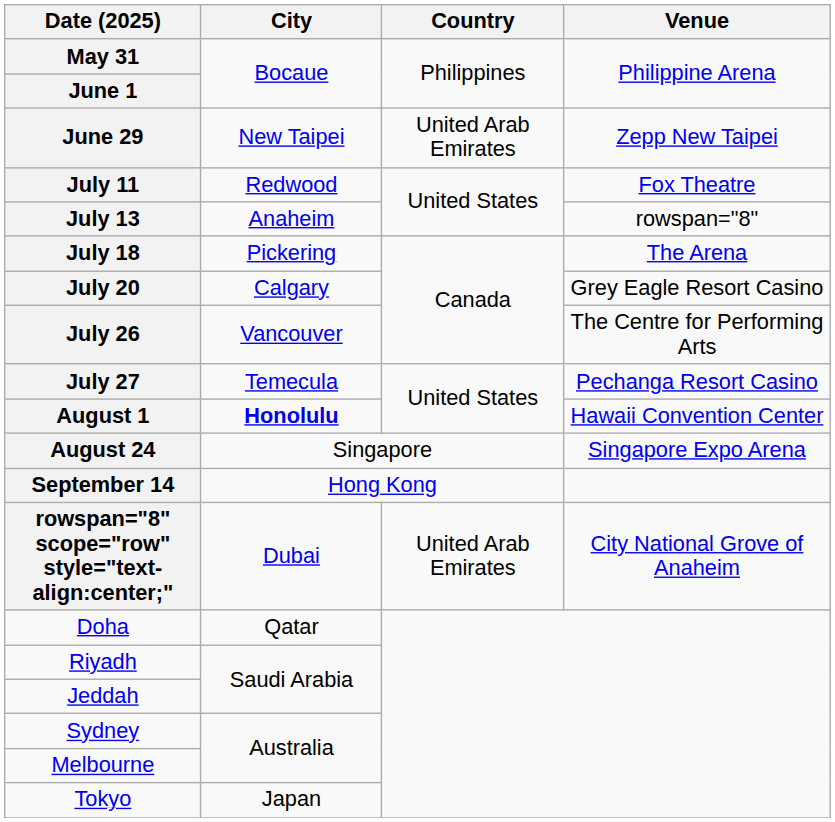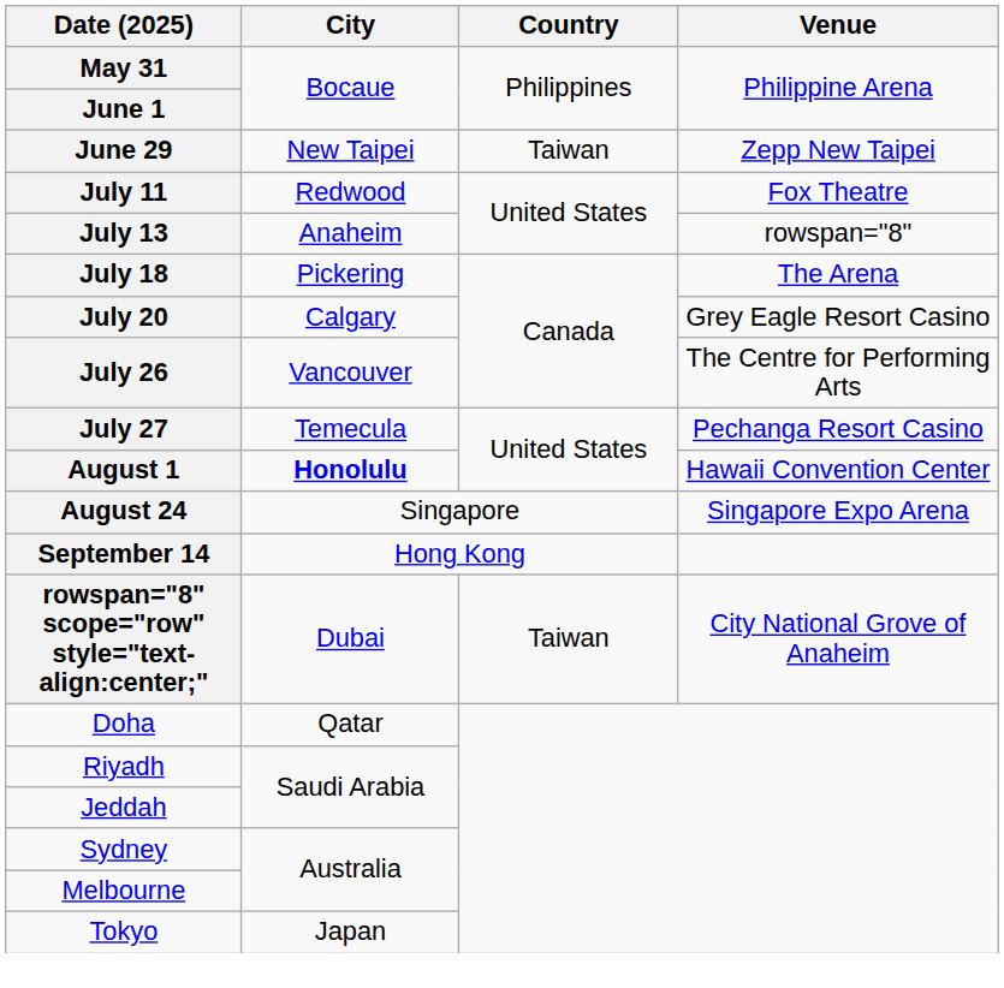 <table class="wikitable plainrowheaders" style="text-align:center;">
 <tr>
 <th scope="col" style="width:10em;">Date (2025)</th>
 <th scope="col" style="width:10em;">City</th>
 <th scope="col" style="width:10em;">Country</th>
 <th scope="col" style="width:16em;">Venue</th>
 </tr>
 <tr>
 <th scope="row" style="text-align:center;">May 31</th>
 <td rowspan="2"><a href='#'>Bocaue</a></td>
 <td rowspan="2">Philippines</td>
 <td rowspan="2"><a href='#'>Philippine Arena</a></td>
 </tr>
 <tr>
 <th scope="row" style="text-align:center;">June 1</th>
 </tr>
 <tr>
 <th scope="row" style="text-align:center;">June 29</th>
 <td><a href='#'>New Taipei</a></td>
-<td>United Arab Emirates</td>
+<td>Taiwan</td>
 <td><a href='#'>Zepp New Taipei</a></td>
 </tr>
 <tr>
 <th scope="row" style="text-align:center;">July 11</th>
 <td><a href='#'>Redwood</a></td>
 <td rowspan="2">United States</td>
 <td><a href='#'>Fox Theatre</a></td>
 </tr>
 <tr>
 <th scope="row" style="text-align:center;">July 13</th>
 <td><a href='#'>Anaheim</a></td>
 <td>rowspan="8" </td>
 </tr>
 <tr>
 <th scope="row" style="text-align:center;">July 18</th>
 <td><a href='#'>Pickering</a></td>
 <td rowspan="3">Canada</td>
 <td><a href='#'>The Arena</a></td>
 </tr>
 <tr>
 <th scope="row" style="text-align:center;">July 20</th>
 <td><a href='#'>Calgary</a></td>
 <td>Grey Eagle Resort Casino</td>
 </tr>
 <tr>
 <th scope="row" style="text-align:center;">July 26</th>
 <td><a href='#'>Vancouver</a></td>
 <td>The Centre for Performing Arts</td>
 </tr>
 <tr>
 <th scope="row" style="text-align:center;">July 27</th>
 <td><a href='#'>Temecula</a></td>
 <td rowspan="2">United States</td>
 <td><a href='#'>Pechanga Resort Casino</a></td>
 </tr>
 <tr>
 <th scope="row" style="text-align:center;">August 1</th>
 <td><strong><a href='#'>Honolulu</a></strong></td>
 <td><a href='#'>Hawaii Convention Center</a></td>
 </tr>
 <tr>
 <th scope="row" style="text-align:center;">August 24</th>
 <td colspan="2">Singapore</td>
 <td><a href='#'>Singapore Expo Arena</a></td>
 </tr>
 <tr>
 <th scope="row" style="text-align:center;">September 14</th>
 <td colspan="2"><a href='#'>Hong Kong</a></td>
 <td></td>
 </tr>
 <tr>
 <th>rowspan="8" scope="row" style="text-align:center;" </th>
 <td><a href='#'>Dubai</a></td>
-<td>United Arab Emirates</td>
+<td>Taiwan</td>
 <td><a href='#'>City National Grove of Anaheim</a></td>
 </tr>
 <tr>
 <td><a href='#'>Doha</a></td>
 <td>Qatar</td>
 </tr>
 <tr>
 <td><a href='#'>Riyadh</a></td>
 <td rowspan="2">Saudi Arabia</td>
 </tr>
 <tr>
 <td><a href='#'>Jeddah</a></td>
 </tr>
 <tr>
 <td><a href='#'>Sydney</a></td>
 <td rowspan="2">Australia</td>
 </tr>
 <tr>
 <td><a href='#'>Melbourne</a></td>
 </tr>
 <tr>
 <td><a href='#'>Tokyo</a></td>
 <td>Japan</td>
 </tr>
 </table>
